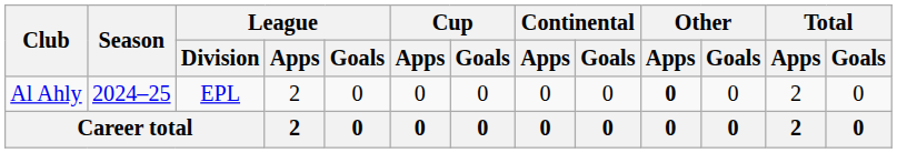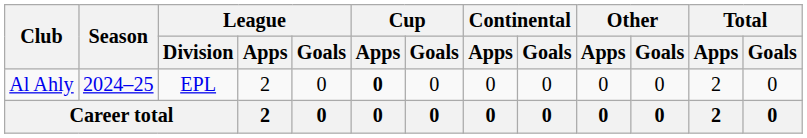 <table class=wikitable style=text-align:center>
 <tr>
 <th rowspan=2>Club</th>
 <th rowspan=2>Season</th>
 <th colspan=3>League</th>
 <th colspan=2>Cup</th>
 <th colspan=2>Continental</th>
 <th colspan=2>Other</th>
 <th colspan=2>Total</th>
 </tr>
 <tr>
 <th>Division</th>
 <th>Apps</th>
 <th>Goals</th>
 <th>Apps</th>
 <th>Goals</th>
 <th>Apps</th>
 <th>Goals</th>
 <th>Apps</th>
 <th>Goals</th>
 <th>Apps</th>
 <th>Goals</th>
 </tr>
 <tr>
 <td rowspan="1"><a href='#'>Al Ahly</a></td>
 <td><a href='#'>2024–25</a></td>
 <td rowspan="1"><a href='#'>EPL</a></td>
 <td>2</td>
 <td>0</td>
+<td><strong>0</strong></td>
 <td>0</td>
 <td>0</td>
 <td>0</td>
 <td>0</td>
-<td><strong>0</strong></td>
 <td>0</td>
 <td>2</td>
 <td>0</td>
 </tr>
 <tr>
 <th colspan=3>Career total</th>
 <th>2</th>
 <th>0</th>
 <th>0</th>
 <th>0</th>
 <th>0</th>
 <th>0</th>
 <th>0</th>
 <th>0</th>
 <th>2</th>
 <th>0</th>
 </tr>
 </table>
